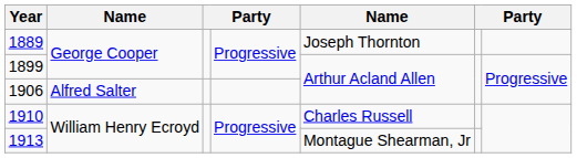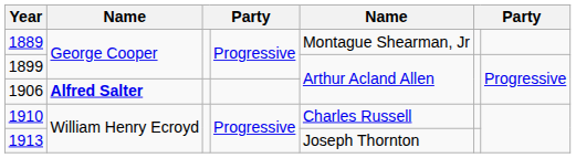 <table class="wikitable">
 <tr>
 <th>Year</th>
 <th>Name</th>
 <th colspan=2>Party</th>
 <th>Name</th>
 <th colspan=2>Party</th>
 </tr>
 <tr>
 <td><a href='#'>1889</a></td>
 <td rowspan=2><a href='#'>George Cooper</a></td>
 <td rowspan=2 style="background-color: "></td>
 <td rowspan=2><a href='#'>Progressive</a></td>
-<td>Joseph Thornton</td>
+<td>Montague Shearman, Jr</td>
 <td></td>
 </tr>
 <tr>
 <td>1899</td>
 <td rowspan=2><a href='#'>Arthur Acland Allen</a></td>
 <td rowspan=2 style="background-color: "></td>
 <td rowspan=2><a href='#'>Progressive</a></td>
 </tr>
 <tr>
 <td>1906</td>
-<td><a href='#'>Alfred Salter</a></td>
+<td><strong><a href='#'>Alfred Salter</a></strong></td>
 <td></td>
 </tr>
 <tr>
 <td><a href='#'>1910</a></td>
 <td rowspan=2>William Henry Ecroyd</td>
 <td rowspan=2 style="background-color: "></td>
 <td rowspan=2><a href='#'>Progressive</a></td>
 <td><a href='#'>Charles Russell</a></td>
 <td></td>
 </tr>
 <tr>
 <td><a href='#'>1913</a></td>
-<td>Montague Shearman, Jr</td>
+<td>Joseph Thornton</td>
 <td></td>
 </tr>
 </table>
